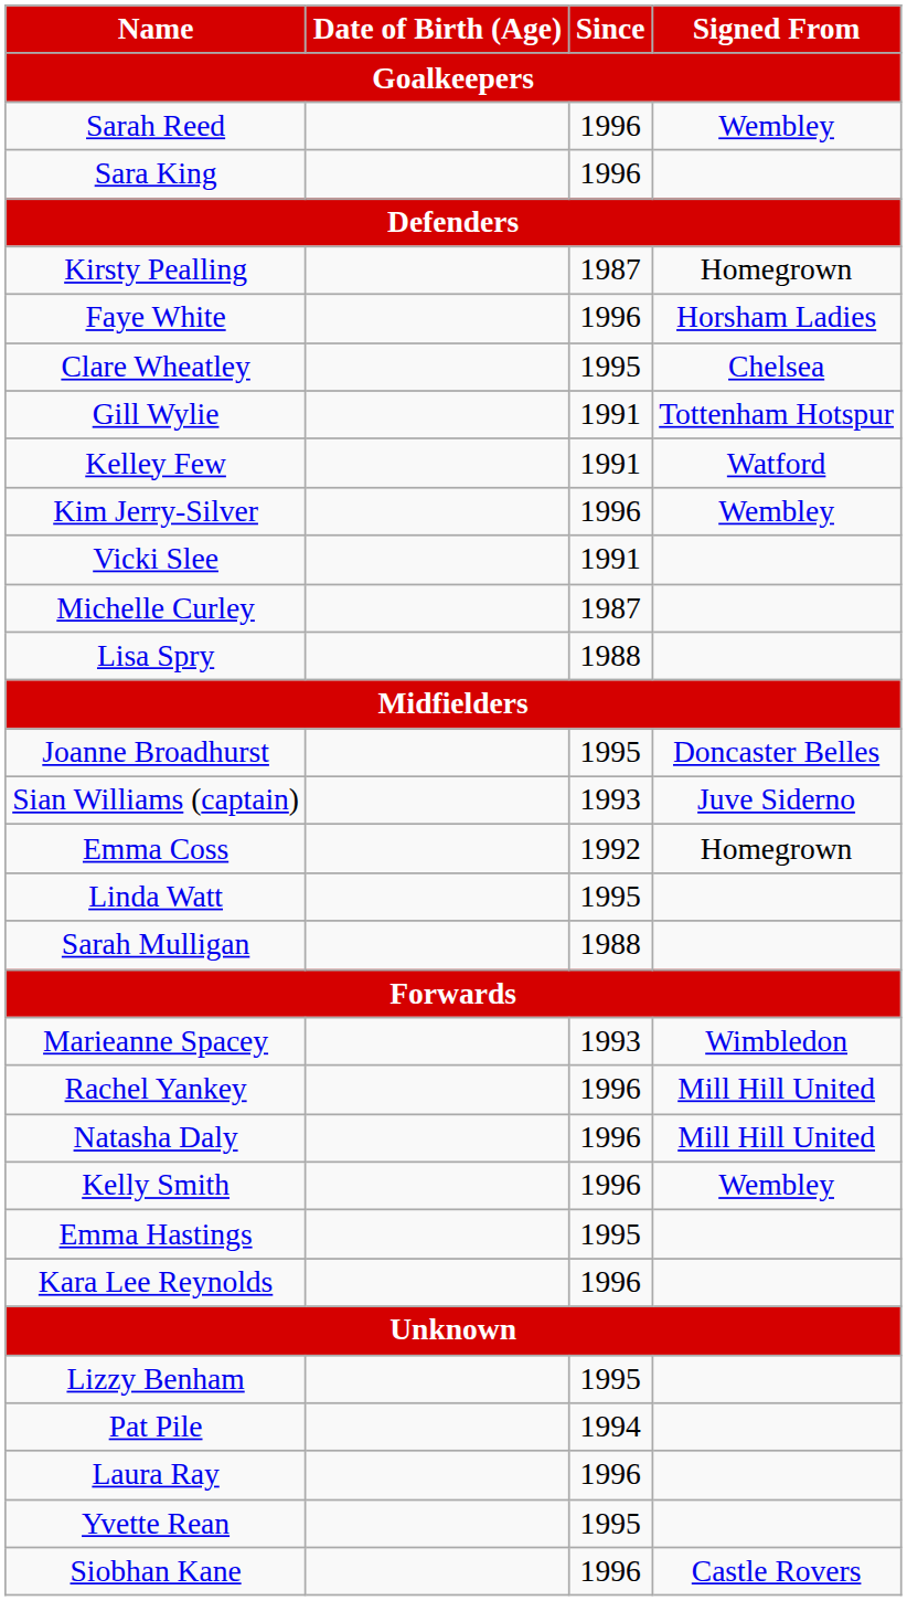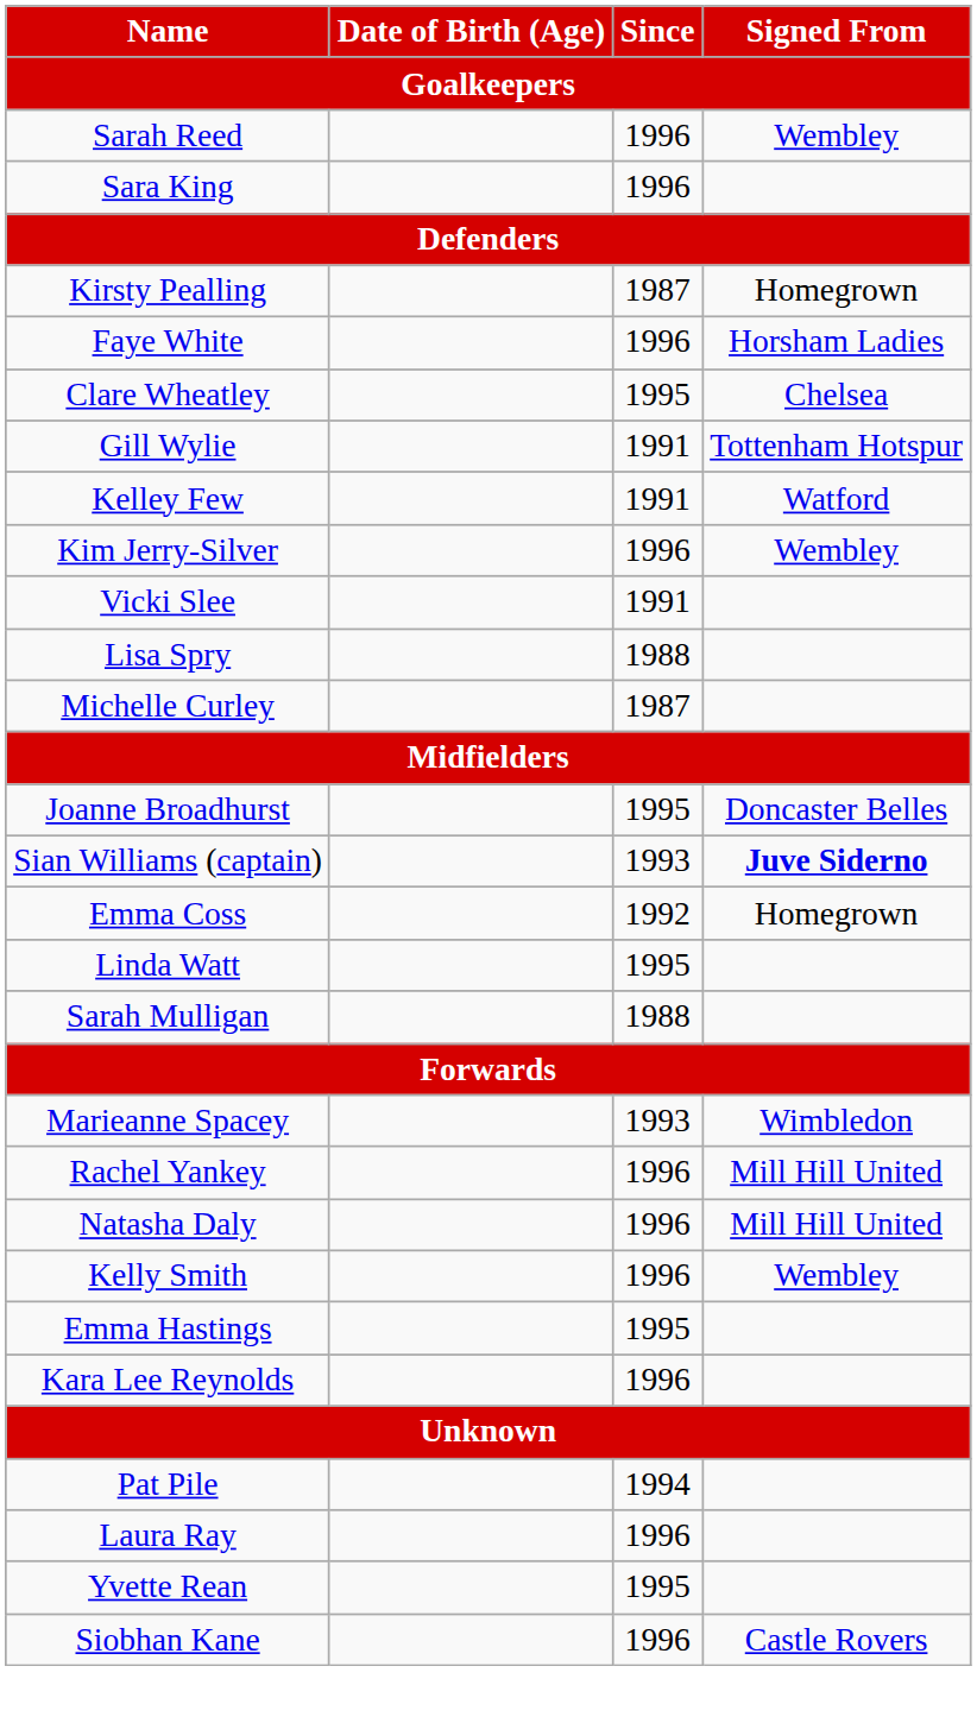 <table class="wikitable" style="text-align:center; font-size:100%; ">
 <tr>
 <th style="background:#d50000; color:white; text-align:center;">Name</th>
 <th style="background:#d50000; color:white; text-align:center;">Date of Birth (Age)</th>
 <th style="background:#d50000; color:white; text-align:center;">Since</th>
 <th style="background:#d50000; color:white; text-align:center;">Signed From</th>
 </tr>
 <tr>
 <th style="background:#d50000; color:white; text-align:center;" colspan="4">Goalkeepers</th>
 </tr>
 <tr>
 <td> <a href='#'>Sarah Reed</a></td>
 <td></td>
 <td>1996</td>
 <td> <a href='#'>Wembley</a></td>
 </tr>
 <tr>
 <td> <a href='#'>Sara King</a></td>
 <td></td>
 <td>1996</td>
 <td></td>
 </tr>
 <tr>
 <th style="background:#d50000; color:white; text-align:center;" colspan="4">Defenders</th>
 </tr>
 <tr>
 <td> <a href='#'>Kirsty Pealling</a></td>
 <td></td>
 <td>1987</td>
 <td>Homegrown</td>
 </tr>
 <tr>
 <td> <a href='#'>Faye White</a></td>
 <td></td>
 <td>1996</td>
 <td> <a href='#'>Horsham Ladies</a></td>
 </tr>
 <tr>
 <td> <a href='#'>Clare Wheatley</a></td>
 <td></td>
 <td>1995</td>
 <td> <a href='#'>Chelsea</a></td>
 </tr>
 <tr>
 <td><em></em> <a href='#'>Gill Wylie</a></td>
 <td></td>
 <td>1991</td>
 <td> <a href='#'>Tottenham Hotspur</a></td>
 </tr>
 <tr>
 <td> <a href='#'>Kelley Few</a></td>
 <td></td>
 <td>1991</td>
 <td> <a href='#'>Watford</a></td>
 </tr>
 <tr>
 <td> <a href='#'>Kim Jerry-Silver</a></td>
 <td></td>
 <td>1996</td>
 <td> <a href='#'>Wembley</a></td>
 </tr>
 <tr>
 <td> <a href='#'>Vicki Slee</a></td>
 <td></td>
 <td>1991</td>
 <td></td>
 </tr>
 <tr>
+<td> <a href='#'>Lisa Spry</a></td>
+<td></td>
+<td>1988</td>
+<td></td>
+</tr>
+<tr>
 <td> <a href='#'>Michelle Curley</a></td>
 <td></td>
 <td>1987</td>
-<td></td>
-</tr>
-<tr>
-<td> <a href='#'>Lisa Spry</a></td>
-<td></td>
-<td>1988</td>
 <td></td>
 </tr>
 <tr>
 <th style="background:#d50000; color:white; text-align:center;" colspan="4">Midfielders</th>
 </tr>
 <tr>
 <td><em></em> <a href='#'>Joanne Broadhurst</a></td>
 <td></td>
 <td>1995</td>
 <td><em></em> <a href='#'>Doncaster Belles</a></td>
 </tr>
 <tr>
 <td> <a href='#'>Sian Williams</a> (<a href='#'>captain</a>)</td>
 <td></td>
 <td>1993</td>
-<td> <a href='#'>Juve Siderno</a></td>
+<td><strong> <a href='#'>Juve Siderno</a></strong></td>
 </tr>
 <tr>
 <td> <a href='#'>Emma Coss</a></td>
 <td></td>
 <td>1992</td>
 <td>Homegrown</td>
 </tr>
 <tr>
 <td> <a href='#'>Linda Watt</a></td>
 <td></td>
 <td>1995</td>
 <td></td>
 </tr>
 <tr>
 <td> <a href='#'>Sarah Mulligan</a></td>
 <td></td>
 <td>1988</td>
 <td></td>
 </tr>
 <tr>
 <th style="background:#d50000; color:white; text-align:center;" colspan="4">Forwards</th>
 </tr>
 <tr>
 <td> <a href='#'>Marieanne Spacey</a></td>
 <td></td>
 <td>1993</td>
 <td><em></em> <a href='#'>Wimbledon</a></td>
 </tr>
 <tr>
 <td> <a href='#'>Rachel Yankey</a></td>
 <td></td>
 <td>1996</td>
 <td> <a href='#'>Mill Hill United</a></td>
 </tr>
 <tr>
 <td> <a href='#'>Natasha Daly</a></td>
 <td></td>
 <td>1996</td>
 <td> <a href='#'>Mill Hill United</a></td>
 </tr>
 <tr>
 <td><em></em> <a href='#'>Kelly Smith</a></td>
 <td></td>
 <td>1996</td>
 <td> <a href='#'>Wembley</a></td>
 </tr>
 <tr>
 <td> <a href='#'>Emma Hastings</a></td>
 <td></td>
 <td>1995</td>
 <td></td>
 </tr>
 <tr>
 <td> <a href='#'>Kara Lee Reynolds</a></td>
 <td></td>
 <td>1996</td>
 <td></td>
 </tr>
 <tr>
 <th style="background:#d50000; color:white; text-align:center;" colspan="4">Unknown</th>
 </tr>
 <tr>
-<td> <a href='#'>Lizzy Benham</a></td>
-<td></td>
-<td>1995</td>
-<td></td>
-</tr>
-<tr>
 <td> <a href='#'>Pat Pile</a></td>
 <td></td>
 <td>1994</td>
 <td></td>
 </tr>
 <tr>
 <td> <a href='#'>Laura Ray</a></td>
 <td></td>
 <td>1996</td>
 <td></td>
 </tr>
 <tr>
 <td> <a href='#'>Yvette Rean</a></td>
 <td></td>
 <td>1995</td>
 <td></td>
 </tr>
 <tr>
 <td> <a href='#'>Siobhan Kane</a></td>
 <td></td>
 <td>1996</td>
 <td> <a href='#'>Castle Rovers</a></td>
 </tr>
 </table>
